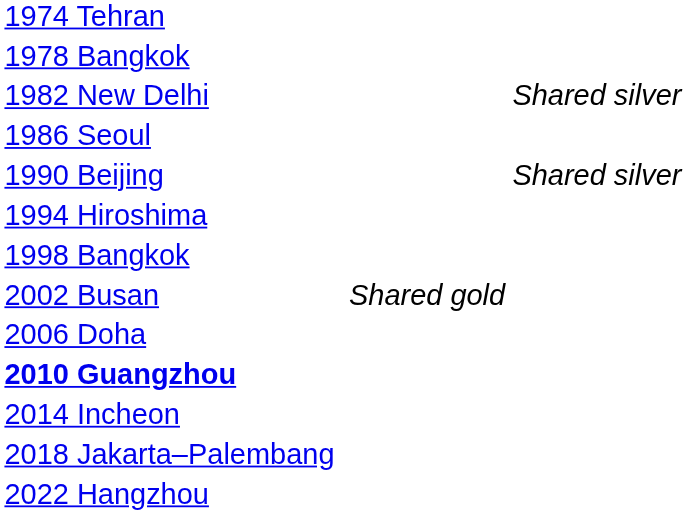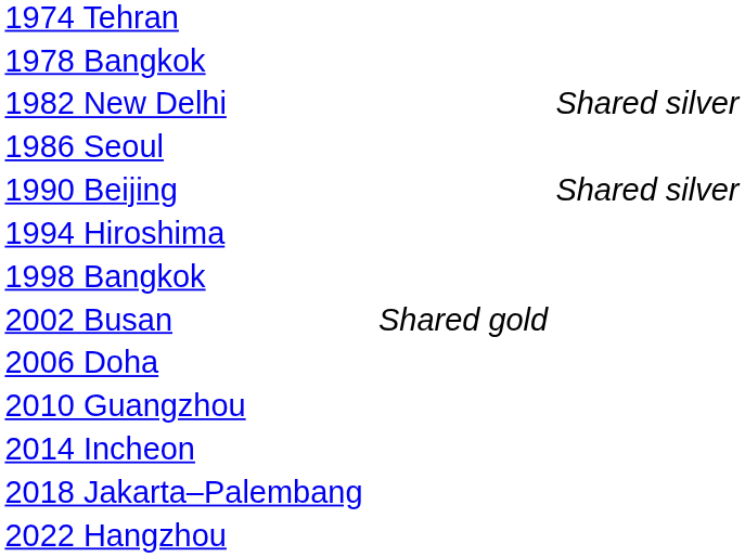 <table>
 <tr>
 <td><a href='#'>1974 Tehran</a></td>
 <td></td>
 <td></td>
 <td></td>
 </tr>
 <tr>
 <td><a href='#'>1978 Bangkok</a></td>
 <td></td>
 <td></td>
 <td></td>
 </tr>
 <tr>
 <td rowspan=2><a href='#'>1982 New Delhi</a></td>
 <td rowspan=2></td>
 <td></td>
 <td rowspan=2><em>Shared silver</em></td>
 </tr>
 <tr>
 <td></td>
 </tr>
 <tr>
 <td><a href='#'>1986 Seoul</a></td>
 <td></td>
 <td></td>
 <td></td>
 </tr>
 <tr>
 <td rowspan=2><a href='#'>1990 Beijing</a></td>
 <td rowspan=2></td>
 <td></td>
 <td rowspan=2><em>Shared silver</em></td>
 </tr>
 <tr>
 <td></td>
 </tr>
 <tr>
 <td><a href='#'>1994 Hiroshima</a></td>
 <td></td>
 <td></td>
 <td></td>
 </tr>
 <tr>
 <td rowspan=2><a href='#'>1998 Bangkok</a></td>
 <td rowspan=2></td>
 <td rowspan=2></td>
 <td></td>
 </tr>
 <tr>
 <td></td>
 </tr>
 <tr>
 <td rowspan=2><a href='#'>2002 Busan</a></td>
 <td></td>
 <td rowspan=2><em>Shared gold</em></td>
 <td rowspan=2></td>
 </tr>
 <tr>
 <td></td>
 </tr>
 <tr>
 <td><a href='#'>2006 Doha</a></td>
 <td></td>
 <td></td>
 <td></td>
 </tr>
 <tr>
-<td><strong><a href='#'>2010 Guangzhou</a></strong></td>
+<td><a href='#'>2010 Guangzhou</a></td>
 <td></td>
 <td></td>
 <td></td>
 </tr>
 <tr>
 <td><a href='#'>2014 Incheon</a></td>
 <td></td>
 <td></td>
 <td></td>
 </tr>
 <tr>
 <td><a href='#'>2018 Jakarta–Palembang</a></td>
 <td></td>
 <td></td>
 <td></td>
 </tr>
 <tr>
 <td><a href='#'>2022 Hangzhou</a></td>
 <td></td>
 <td></td>
 <td></td>
 </tr>
 </table>
